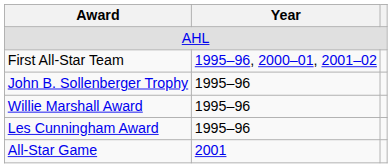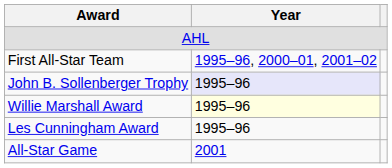 <table class="wikitable">
 <tr>
 <th>Award</th>
 <th>Year</th>
 <th></th>
 </tr>
 <tr ALIGN="center" style="background:#e0e0e0;">
 <td colspan="3"><a href='#'>AHL</a></td>
 </tr>
 <tr>
 <td>First All-Star Team</td>
 <td><a href='#'>1995–96</a>, <a href='#'>2000–01</a>, <a href='#'>2001–02</a></td>
 <td></td>
 </tr>
 <tr>
 <td><a href='#'>John B. Sollenberger Trophy</a></td>
-<td>1995–96</td>
+<td style="background: lavender;">1995–96</td>
 <td></td>
 </tr>
 <tr>
 <td><a href='#'>Willie Marshall Award</a></td>
-<td>1995–96</td>
+<td style="background: lightyellow;">1995–96</td>
 <td></td>
 </tr>
 <tr>
 <td><a href='#'>Les Cunningham Award</a></td>
 <td>1995–96</td>
 <td></td>
 </tr>
 <tr>
 <td><a href='#'>All-Star Game</a></td>
 <td><a href='#'>2001</a></td>
 <td></td>
 </tr>
 </table>
